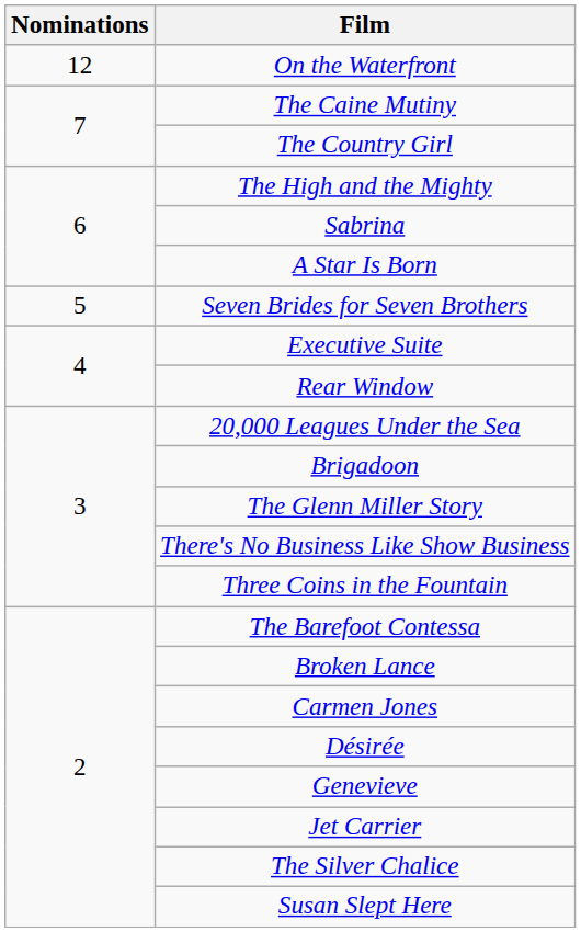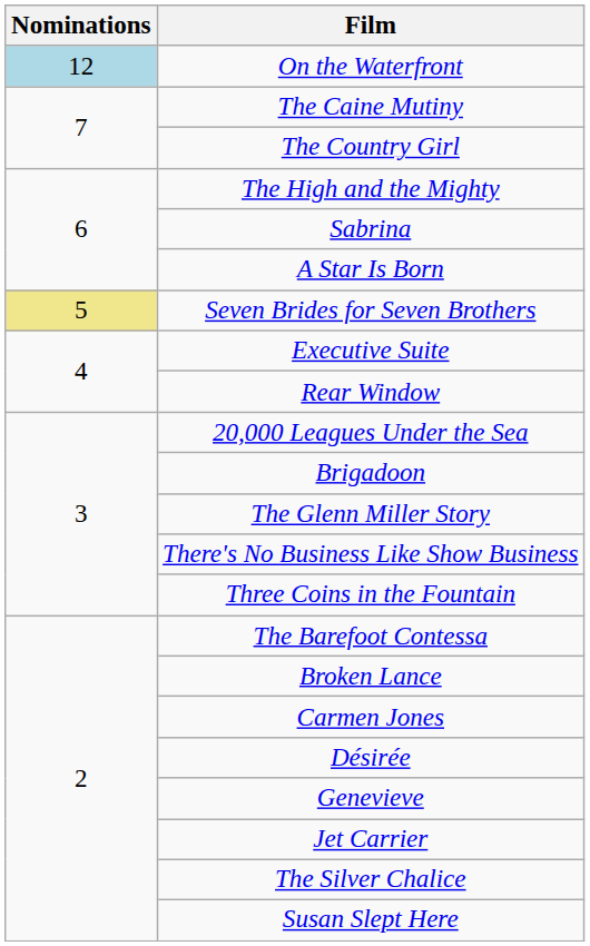 <table class="wikitable" rowspan="2" style="text-align:center;">
 <tr>
 <th scope="col" style="width:55px;">Nominations</th>
 <th scope="col" style="text-align:center;">Film</th>
 </tr>
 <tr>
-<td rowspan="1" style="text-align:center">12</td>
+<td rowspan="1" style="background: lightblue; text-align:center">12</td>
 <td><em><a href='#'>On the Waterfront</a></em></td>
 </tr>
 <tr>
 <td rowspan="2" style="text-align:center">7</td>
 <td><em><a href='#'>The Caine Mutiny</a></em></td>
 </tr>
 <tr>
 <td><em><a href='#'>The Country Girl</a></em></td>
 </tr>
 <tr>
 <td rowspan="3" style="text-align:center">6</td>
 <td><em><a href='#'>The High and the Mighty</a></em></td>
 </tr>
 <tr>
 <td><em><a href='#'>Sabrina</a></em></td>
 </tr>
 <tr>
 <td><em><a href='#'>A Star Is Born</a></em></td>
 </tr>
 <tr>
-<td rowspan="1" style="text-align:center">5</td>
+<td rowspan="1" style="background: khaki; text-align:center">5</td>
 <td><em><a href='#'>Seven Brides for Seven Brothers</a></em></td>
 </tr>
 <tr>
 <td rowspan="2" style="text-align:center">4</td>
 <td><em><a href='#'>Executive Suite</a></em></td>
 </tr>
 <tr>
 <td><em><a href='#'>Rear Window</a></em></td>
 </tr>
 <tr>
 <td rowspan=5, style="text-align:center">3</td>
 <td><em><a href='#'>20,000 Leagues Under the Sea</a></em></td>
 </tr>
 <tr>
 <td><em><a href='#'>Brigadoon</a></em></td>
 </tr>
 <tr>
 <td><em><a href='#'>The Glenn Miller Story</a></em></td>
 </tr>
 <tr>
 <td><em><a href='#'>There's No Business Like Show Business</a></em></td>
 </tr>
 <tr>
 <td><em><a href='#'>Three Coins in the Fountain</a></em></td>
 </tr>
 <tr>
 <td rowspan=8, style="text-align:center">2</td>
 <td><em><a href='#'>The Barefoot Contessa</a></em></td>
 </tr>
 <tr>
 <td><em><a href='#'>Broken Lance</a></em></td>
 </tr>
 <tr>
 <td><em><a href='#'>Carmen Jones</a></em></td>
 </tr>
 <tr>
 <td><em><a href='#'>Désirée</a></em></td>
 </tr>
 <tr>
 <td><em><a href='#'>Genevieve</a></em></td>
 </tr>
 <tr>
 <td><em><a href='#'>Jet Carrier</a></em></td>
 </tr>
 <tr>
 <td><em><a href='#'>The Silver Chalice</a></em></td>
 </tr>
 <tr>
 <td><em><a href='#'>Susan Slept Here</a></em></td>
 </tr>
 </table>
